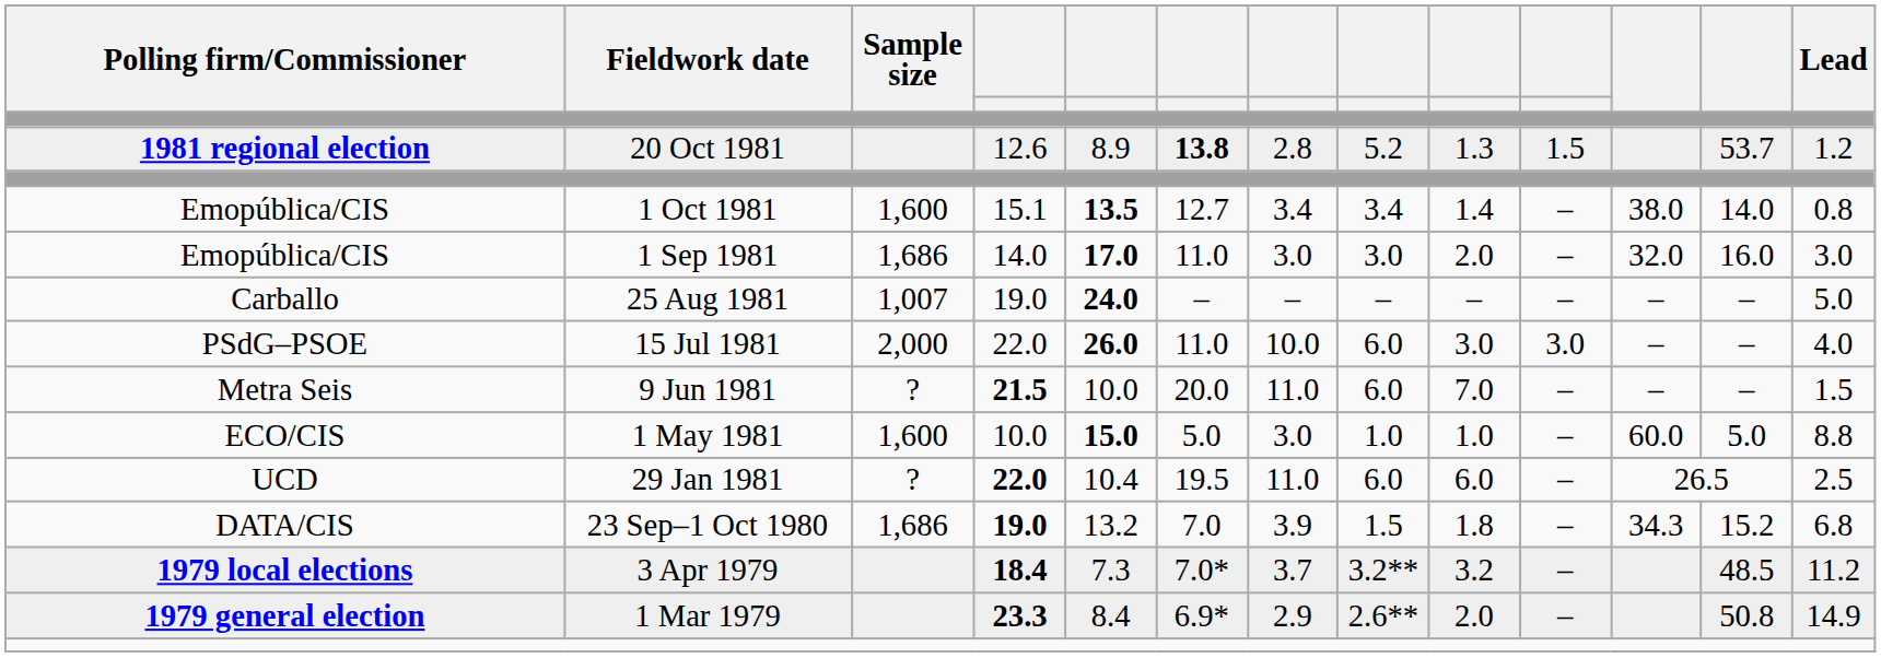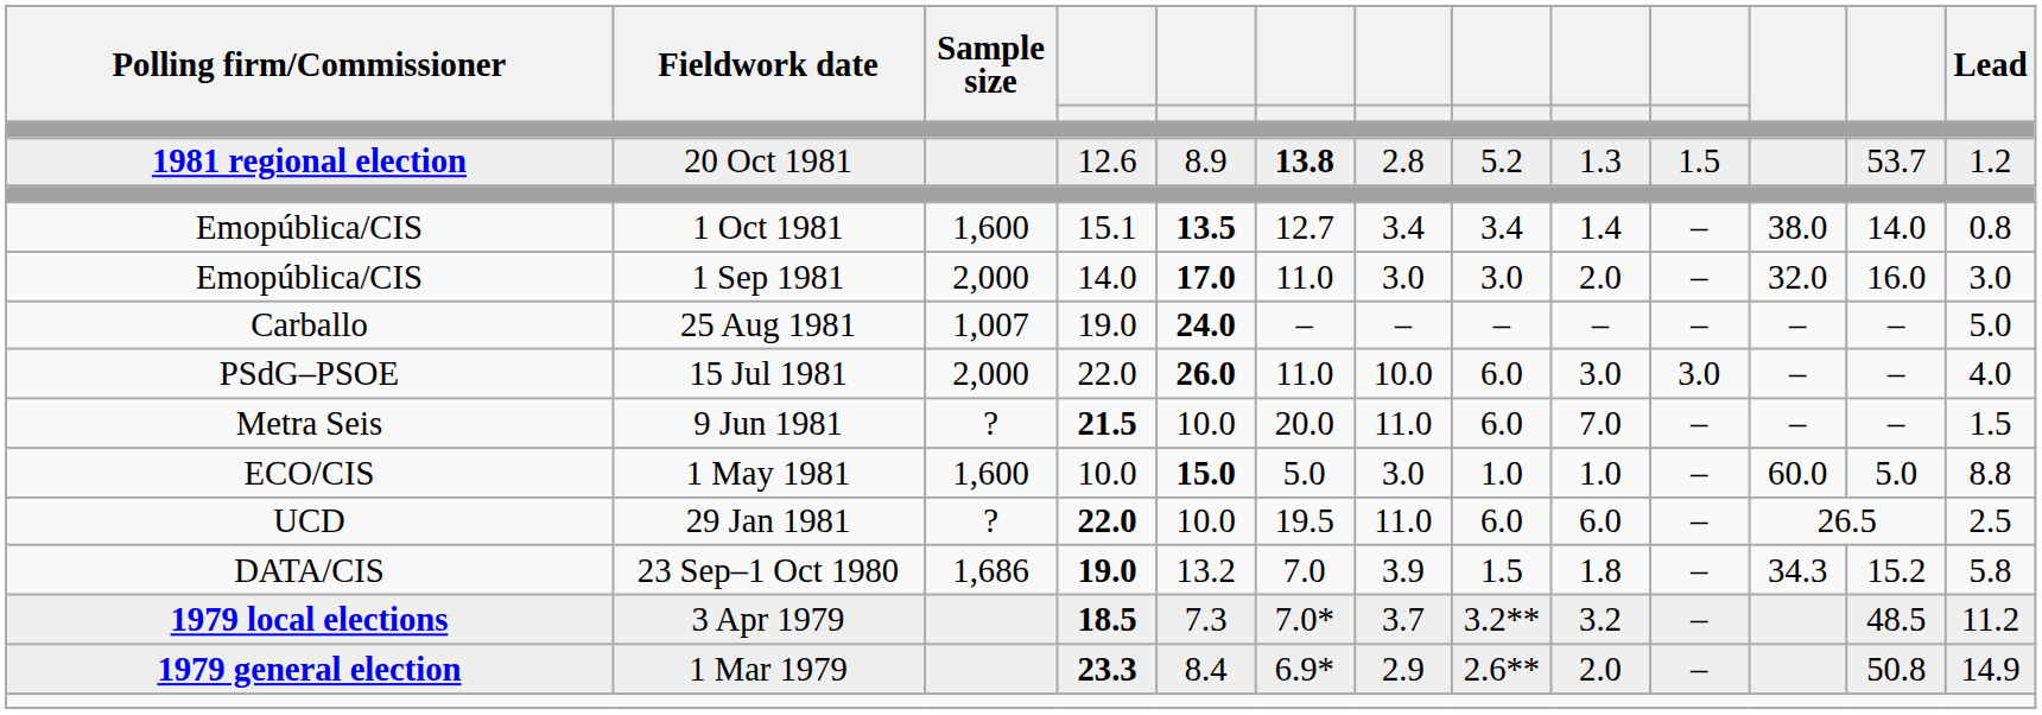 <table class="wikitable collapsible collapsed" style="text-align:center; font-size:90%; line-height:14px;">
 <tr style="height:42px;">
 <th style="width:250px;" rowspan="2">Polling firm/Commissioner</th>
 <th style="width:125px;" rowspan="2">Fieldwork date</th>
 <th style="width:50px;" rowspan="2">Sample size</th>
 <th style="width:35px;"></th>
 <th style="width:35px;"></th>
 <th style="width:35px;"></th>
 <th style="width:35px;"></th>
 <th style="width:35px;"></th>
 <th style="width:35px;"></th>
 <th style="width:35px;"></th>
 <th style="width:35px;" rowspan="2"></th>
 <th style="width:35px;" rowspan="2"></th>
 <th style="width:30px;" rowspan="2">Lead</th>
 </tr>
 <tr>
 <th style="color:inherit;background:"></th>
 <th style="color:inherit;background:"></th>
 <th style="color:inherit;background:"></th>
 <th style="color:inherit;background:"></th>
 <th style="color:inherit;background:"></th>
 <th style="color:inherit;background:"></th>
 <th style="color:inherit;background:"></th>
 </tr>
 <tr>
 <td colspan="13" style="background:#A0A0A0"></td>
 </tr>
 <tr style="background:#EFEFEF;">
 <td><strong><a href='#'>1981 regional election</a></strong></td>
 <td>20 Oct 1981</td>
 <td></td>
 <td>12.6</td>
 <td>8.9</td>
 <td><strong>13.8</strong></td>
 <td>2.8</td>
 <td>5.2</td>
 <td>1.3</td>
 <td>1.5</td>
 <td></td>
 <td>53.7</td>
 <td style="background:">1.2</td>
 </tr>
 <tr>
 <td colspan="13" style="background:#A0A0A0"></td>
 </tr>
 <tr>
 <td>Emopública/CIS</td>
 <td>1 Oct 1981</td>
 <td>1,600</td>
 <td>15.1</td>
 <td><strong>13.5</strong></td>
 <td>12.7</td>
 <td>3.4</td>
 <td>3.4</td>
 <td>1.4</td>
 <td>–</td>
 <td>38.0</td>
 <td>14.0</td>
 <td style="background:">0.8</td>
 </tr>
 <tr>
 <td>Emopública/CIS</td>
 <td>1 Sep 1981</td>
-<td>1,686</td>
+<td>2,000</td>
 <td>14.0</td>
 <td><strong>17.0</strong></td>
 <td>11.0</td>
 <td>3.0</td>
 <td>3.0</td>
 <td>2.0</td>
 <td>–</td>
 <td>32.0</td>
 <td>16.0</td>
 <td style="background:">3.0</td>
 </tr>
 <tr>
 <td>Carballo</td>
 <td>25 Aug 1981</td>
 <td>1,007</td>
 <td>19.0</td>
 <td><strong>24.0</strong></td>
 <td>–</td>
 <td>–</td>
 <td>–</td>
 <td>–</td>
 <td>–</td>
 <td>–</td>
 <td>–</td>
 <td style="background:">5.0</td>
 </tr>
 <tr>
 <td>PSdG–PSOE</td>
 <td>15 Jul 1981</td>
 <td>2,000</td>
 <td>22.0</td>
 <td><strong>26.0</strong></td>
 <td>11.0</td>
 <td>10.0</td>
 <td>6.0</td>
 <td>3.0</td>
 <td>3.0</td>
 <td>–</td>
 <td>–</td>
 <td style="background:">4.0</td>
 </tr>
 <tr>
 <td>Metra Seis</td>
 <td>9 Jun 1981</td>
 <td>?</td>
 <td><strong>21.5</strong></td>
 <td>10.0</td>
 <td>20.0</td>
 <td>11.0</td>
 <td>6.0</td>
 <td>7.0</td>
 <td>–</td>
 <td>–</td>
 <td>–</td>
 <td style="background:">1.5</td>
 </tr>
 <tr>
 <td>ECO/CIS</td>
 <td>1 May 1981</td>
 <td>1,600</td>
 <td>10.0</td>
 <td><strong>15.0</strong></td>
 <td>5.0</td>
 <td>3.0</td>
 <td>1.0</td>
 <td>1.0</td>
 <td>–</td>
 <td>60.0</td>
 <td>5.0</td>
 <td style="background:">8.8</td>
 </tr>
 <tr>
 <td>UCD</td>
 <td>29 Jan 1981</td>
 <td>?</td>
 <td><strong>22.0</strong></td>
-<td>10.4</td>
+<td>10.0</td>
 <td>19.5</td>
 <td>11.0</td>
 <td>6.0</td>
 <td>6.0</td>
 <td>–</td>
 <td colspan="2">26.5</td>
 <td style="background:">2.5</td>
 </tr>
 <tr>
 <td>DATA/CIS</td>
 <td>23 Sep–1 Oct 1980</td>
 <td>1,686</td>
 <td><strong>19.0</strong></td>
 <td>13.2</td>
 <td>7.0</td>
 <td>3.9</td>
 <td>1.5</td>
 <td>1.8</td>
 <td>–</td>
 <td>34.3</td>
 <td>15.2</td>
-<td style="background:">6.8</td>
+<td style="background:">5.8</td>
 </tr>
 <tr style="background:#EFEFEF;">
 <td><strong><a href='#'>1979 local elections</a></strong></td>
 <td>3 Apr 1979</td>
 <td></td>
-<td><strong>18.4</strong></td>
+<td><strong>18.5</strong></td>
 <td>7.3</td>
 <td>7.0*</td>
 <td>3.7</td>
 <td>3.2**</td>
 <td>3.2</td>
 <td>–</td>
 <td></td>
 <td>48.5</td>
 <td style="background:">11.2</td>
 </tr>
 <tr style="background:#EFEFEF;">
 <td><strong><a href='#'>1979 general election</a></strong></td>
 <td>1 Mar 1979</td>
 <td></td>
 <td><strong>23.3</strong></td>
 <td>8.4</td>
 <td>6.9*</td>
 <td>2.9</td>
 <td>2.6**</td>
 <td>2.0</td>
 <td>–</td>
 <td></td>
 <td>50.8</td>
 <td style="background:">14.9</td>
 </tr>
 <tr>
 <td align="left" colspan="13"></td>
 </tr>
 </table>
